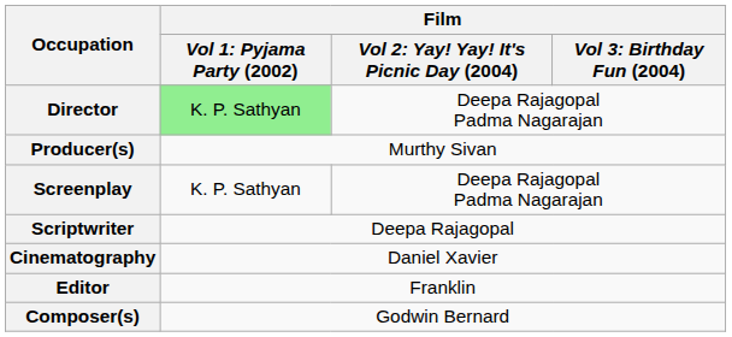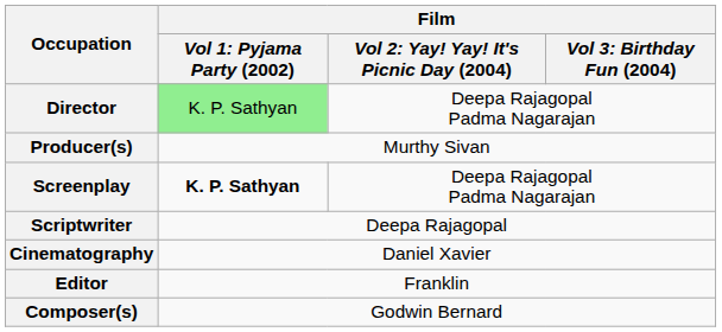 <table class="wikitable"  style="text-align:center; width:100%;">
 <tr>
 <th rowspan="2">Occupation</th>
 <th colspan="4">Film</th>
 </tr>
 <tr>
 <th width:10%;><em>Vol 1: Pyjama Party</em> (2002)</th>
 <th width:10%;><em>Vol 2: Yay! Yay! It's Picnic Day</em> (2004)</th>
 <th width:10%;><em>Vol 3: Birthday Fun</em> (2004)</th>
 </tr>
 <tr>
 <th>Director</th>
 <td style="background: lightgreen;">K. P. Sathyan</td>
 <td colspan="2">Deepa Rajagopal<br>Padma Nagarajan</td>
 </tr>
 <tr>
 <th>Producer(s)</th>
 <td colspan="3">Murthy Sivan</td>
 </tr>
 <tr>
 <th>Screenplay</th>
-<td>K. P. Sathyan</td>
+<td><strong>K. P. Sathyan</strong></td>
 <td colspan="2">Deepa Rajagopal<br>Padma Nagarajan</td>
 </tr>
 <tr>
 <th>Scriptwriter</th>
 <td colspan="3">Deepa Rajagopal</td>
 </tr>
 <tr>
 <th>Cinematography</th>
 <td colspan="3">Daniel Xavier</td>
 </tr>
 <tr>
 <th>Editor</th>
 <td colspan="3">Franklin</td>
 </tr>
 <tr>
 <th>Composer(s)</th>
 <td colspan="3">Godwin Bernard</td>
 </tr>
 </table>
